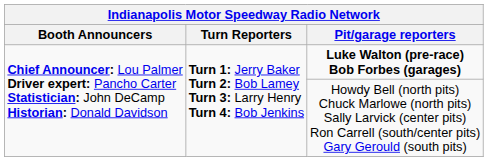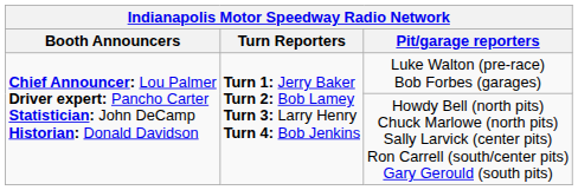 <table class="wikitable" style="font-size: 95%;">
 <tr>
 <th colspan=3><a href='#'>Indianapolis Motor Speedway Radio Network</a></th>
 </tr>
 <tr>
 <th>Booth Announcers</th>
 <th>Turn Reporters</th>
 <th><a href='#'>Pit/garage reporters</a></th>
 </tr>
 <tr>
 <td valign="top" rowspan=2><br><strong><a href='#'>Chief Announcer</a>:</strong> <a href='#'>Lou Palmer</a><br> <strong>Driver expert:</strong> <a href='#'>Pancho Carter</a><br> <strong><a href='#'>Statistician</a>:</strong> John DeCamp<br> <strong><a href='#'>Historian</a>:</strong> <a href='#'>Donald Davidson</a><br></td>
 <td valign="top" rowspan=2><br><strong>Turn 1:</strong> <a href='#'>Jerry Baker</a><br>   <strong>Turn 2:</strong> <a href='#'>Bob Lamey</a> <br> <strong>Turn 3:</strong> Larry Henry<br> <strong>Turn 4:</strong> <a href='#'>Bob Jenkins</a><br></td>
-<td align="center" valign="top"><strong>Luke Walton (pre-race)<br>Bob Forbes (garages)<br></strong></td>
+<td align="center" valign="top">Luke Walton (pre-race)<br>Bob Forbes (garages)<br></td>
 </tr>
 <tr>
 <td align="center" valign="top">Howdy Bell (north pits)<br>Chuck Marlowe (north pits)<br>Sally Larvick (center pits)<br>Ron Carrell (south/center pits)<br><a href='#'>Gary Gerould</a> (south pits)<br></td>
 </tr>
 </table>
